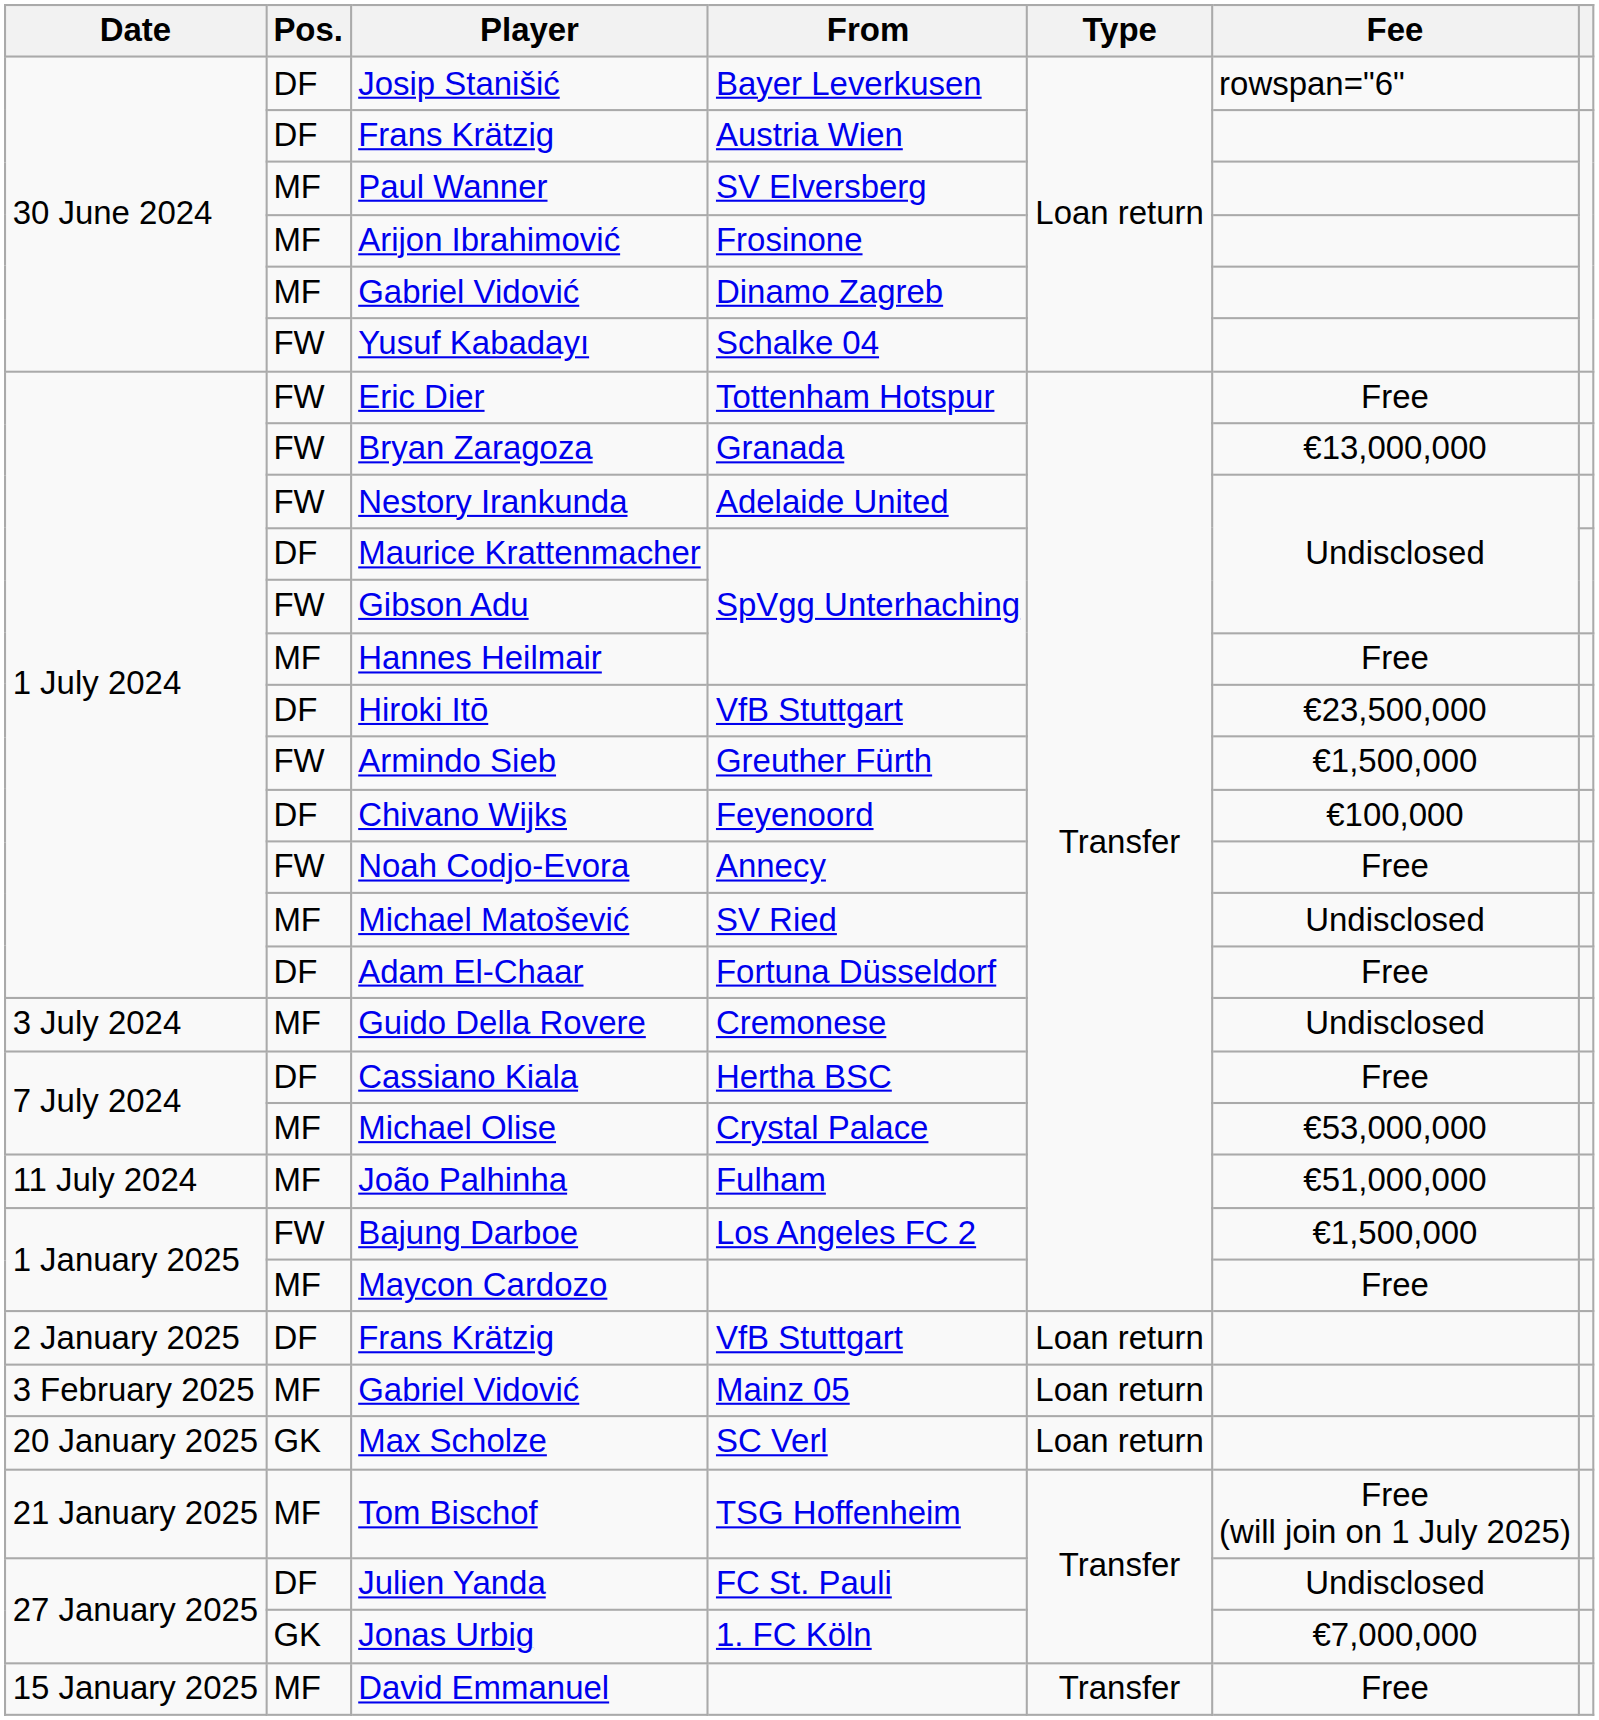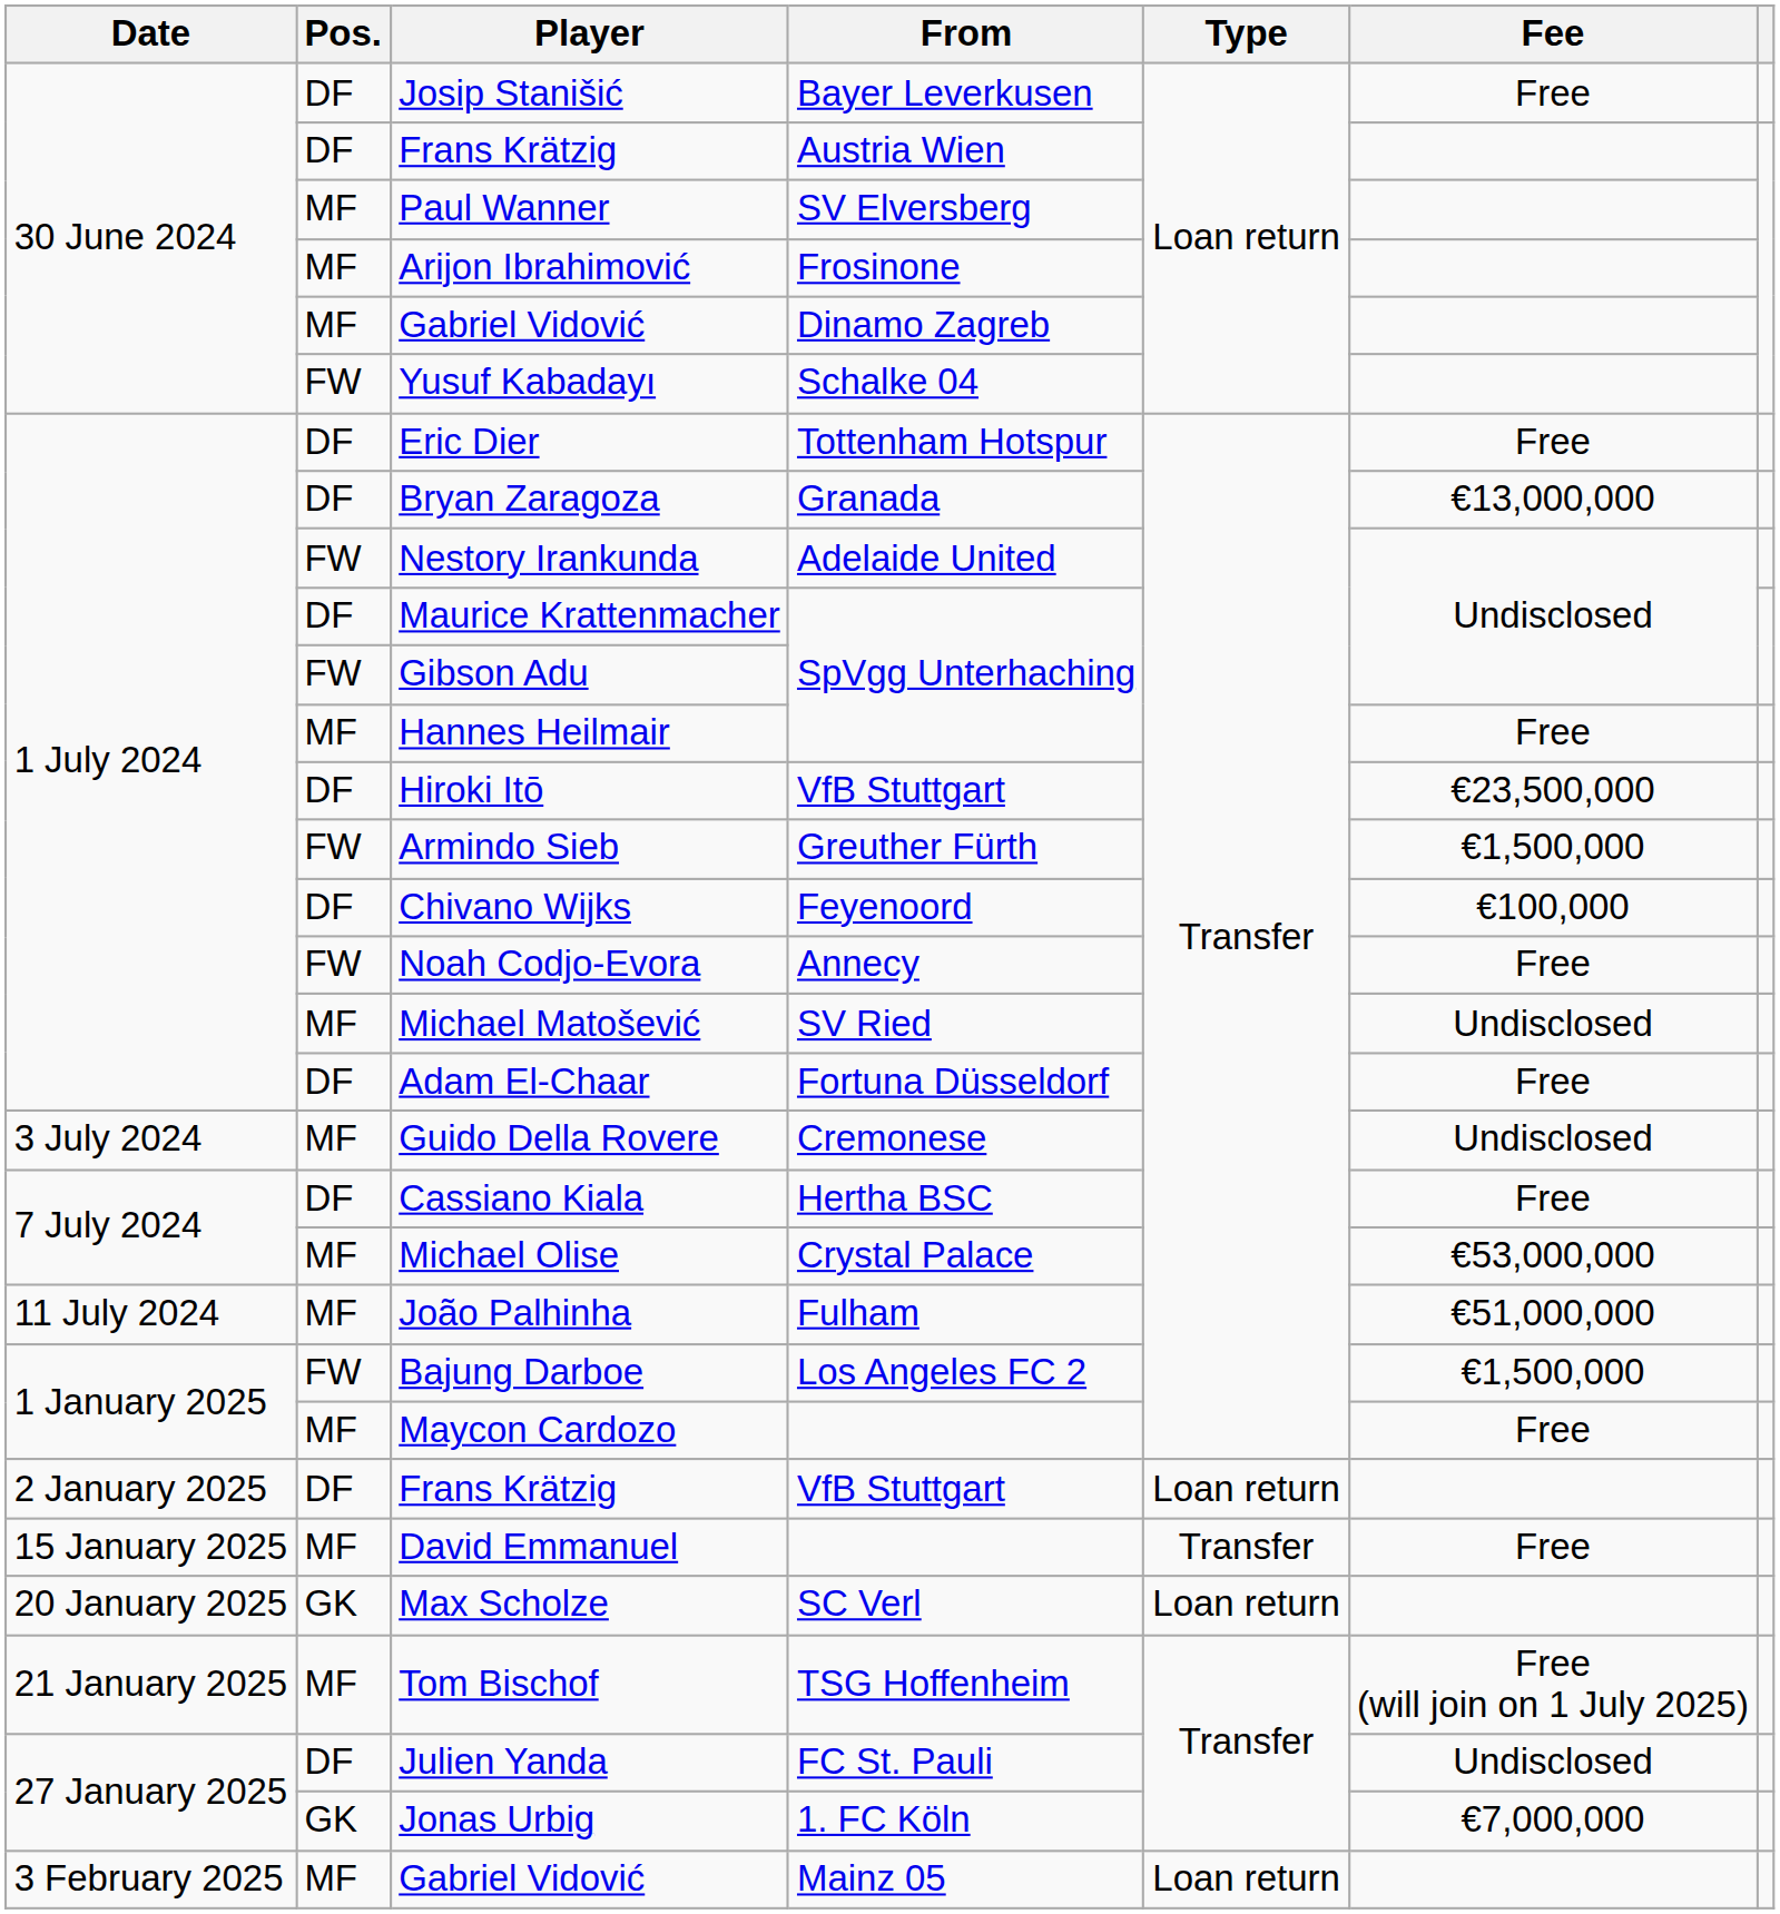 <table class="wikitable">
 <tr>
 <th>Date</th>
 <th>Pos.</th>
 <th>Player</th>
 <th>From</th>
 <th>Type</th>
 <th>Fee</th>
 <th></th>
 </tr>
 <tr>
 <td rowspan="6">30 June 2024</td>
 <td>DF</td>
 <td> <a href='#'>Josip Stanišić</a></td>
 <td> <a href='#'>Bayer Leverkusen</a></td>
 <td style="text-align: center;" rowspan="6">Loan return</td>
-<td>rowspan="6" </td>
+<td style="text-align: center;">Free</td>
 <td></td>
 </tr>
 <tr>
 <td>DF</td>
 <td> <a href='#'>Frans Krätzig</a></td>
 <td> <a href='#'>Austria Wien</a></td>
 <td></td>
 </tr>
 <tr>
 <td>MF</td>
 <td> <a href='#'>Paul Wanner</a></td>
 <td> <a href='#'>SV Elversberg</a></td>
 <td></td>
 </tr>
 <tr>
 <td>MF</td>
 <td> <a href='#'>Arijon Ibrahimović</a></td>
 <td> <a href='#'>Frosinone</a></td>
 <td></td>
 </tr>
 <tr>
 <td>MF</td>
 <td> <a href='#'>Gabriel Vidović</a></td>
 <td> <a href='#'>Dinamo Zagreb</a></td>
 <td></td>
 </tr>
 <tr>
 <td>FW</td>
 <td> <a href='#'>Yusuf Kabadayı</a></td>
 <td> <a href='#'>Schalke 04</a></td>
 <td></td>
 </tr>
 <tr>
 <td rowspan="12">1 July 2024</td>
-<td>FW</td>
+<td>DF</td>
 <td> <a href='#'>Eric Dier</a></td>
 <td> <a href='#'>Tottenham Hotspur</a></td>
 <td style="text-align: center;" rowspan="18">Transfer</td>
 <td style="text-align: center;">Free</td>
 <td></td>
 </tr>
 <tr>
-<td>FW</td>
+<td>DF</td>
 <td> <a href='#'>Bryan Zaragoza</a></td>
 <td> <a href='#'>Granada</a></td>
 <td style="text-align: center;">€13,000,000</td>
 <td></td>
 </tr>
 <tr>
 <td>FW</td>
 <td> <a href='#'>Nestory Irankunda</a></td>
 <td> <a href='#'>Adelaide United</a></td>
 <td style="text-align: center;" rowspan="3">Undisclosed</td>
 <td></td>
 </tr>
 <tr>
 <td>DF</td>
 <td> <a href='#'>Maurice Krattenmacher</a></td>
 <td rowspan="3"> <a href='#'>SpVgg Unterhaching</a></td>
 <td rowspan="2"></td>
 </tr>
 <tr>
 <td>FW</td>
 <td> <a href='#'>Gibson Adu</a></td>
 </tr>
 <tr>
 <td>MF</td>
 <td> <a href='#'>Hannes Heilmair</a></td>
 <td style="text-align: center;">Free</td>
 <td></td>
 </tr>
 <tr>
 <td>DF</td>
 <td> <a href='#'>Hiroki Itō</a></td>
 <td> <a href='#'>VfB Stuttgart</a></td>
 <td style="text-align: center;">€23,500,000</td>
 <td></td>
 </tr>
 <tr>
 <td>FW</td>
 <td> <a href='#'>Armindo Sieb</a></td>
 <td> <a href='#'>Greuther Fürth</a></td>
 <td style="text-align: center;">€1,500,000</td>
 <td></td>
 </tr>
 <tr>
 <td>DF</td>
 <td> <a href='#'>Chivano Wijks</a></td>
 <td> <a href='#'>Feyenoord</a></td>
 <td style="text-align: center;">€100,000</td>
 <td></td>
 </tr>
 <tr>
 <td>FW</td>
 <td> <a href='#'>Noah Codjo-Evora</a></td>
 <td> <a href='#'>Annecy</a></td>
 <td style="text-align: center;">Free</td>
 <td></td>
 </tr>
 <tr>
 <td>MF</td>
 <td> <a href='#'>Michael Matošević</a></td>
 <td> <a href='#'>SV Ried</a></td>
 <td style="text-align: center;">Undisclosed</td>
 <td></td>
 </tr>
 <tr>
 <td>DF</td>
 <td> <a href='#'>Adam El-Chaar</a></td>
 <td> <a href='#'>Fortuna Düsseldorf</a></td>
 <td style="text-align: center;">Free</td>
 <td></td>
 </tr>
 <tr>
 <td>3 July 2024</td>
 <td>MF</td>
 <td> <a href='#'>Guido Della Rovere</a></td>
 <td> <a href='#'>Cremonese</a></td>
 <td style="text-align: center;">Undisclosed</td>
 <td></td>
 </tr>
 <tr>
 <td rowspan="2">7 July 2024</td>
 <td>DF</td>
 <td> <a href='#'>Cassiano Kiala</a></td>
 <td> <a href='#'>Hertha BSC</a></td>
 <td style="text-align: center;">Free</td>
 <td></td>
 </tr>
 <tr>
 <td>MF</td>
 <td> <a href='#'>Michael Olise</a></td>
 <td> <a href='#'>Crystal Palace</a></td>
 <td style="text-align: center;">€53,000,000</td>
 <td></td>
 </tr>
 <tr>
 <td>11 July 2024</td>
 <td>MF</td>
 <td> <a href='#'>João Palhinha</a></td>
 <td> <a href='#'>Fulham</a></td>
 <td style="text-align: center;">€51,000,000</td>
 <td></td>
 </tr>
 <tr>
 <td rowspan="2">1 January 2025</td>
 <td>FW</td>
 <td> <a href='#'>Bajung Darboe</a></td>
 <td> <a href='#'>Los Angeles FC 2</a></td>
 <td style="text-align: center;">€1,500,000</td>
 <td></td>
 </tr>
 <tr>
 <td>MF</td>
 <td> <a href='#'>Maycon Cardozo</a></td>
 <td></td>
 <td style="text-align: center;">Free</td>
 <td></td>
 </tr>
 <tr>
 <td>2 January 2025</td>
 <td>DF</td>
 <td> <a href='#'>Frans Krätzig</a></td>
 <td> <a href='#'>VfB Stuttgart</a></td>
 <td style="text-align: center;">Loan return</td>
 <td></td>
 <td></td>
 </tr>
 <tr>
-<td>3 February 2025</td>
+<td>15 January 2025</td>
 <td>MF</td>
-<td> <a href='#'>Gabriel Vidović</a></td>
-<td> <a href='#'>Mainz 05</a></td>
-<td style="text-align: center;">Loan return</td>
+<td> <a href='#'>David Emmanuel</a></td>
 <td></td>
+<td style="text-align: center;">Transfer</td>
+<td style="text-align: center;">Free</td>
 <td></td>
 </tr>
 <tr>
 <td>20 January 2025</td>
 <td>GK</td>
 <td> <a href='#'>Max Scholze</a></td>
 <td> <a href='#'>SC Verl</a></td>
 <td style="text-align: center;">Loan return</td>
 <td></td>
 <td></td>
 </tr>
 <tr>
 <td>21 January 2025</td>
 <td>MF</td>
 <td> <a href='#'>Tom Bischof</a></td>
 <td> <a href='#'>TSG Hoffenheim</a></td>
 <td rowspan="3" style="text-align: center;">Transfer</td>
 <td style="text-align: center;">Free<br>(will join on 1 July 2025)</td>
 <td></td>
 </tr>
 <tr>
 <td rowspan="2">27 January 2025</td>
 <td>DF</td>
 <td> <a href='#'>Julien Yanda</a></td>
 <td> <a href='#'>FC St. Pauli</a></td>
 <td style="text-align: center;">Undisclosed</td>
 <td></td>
 </tr>
 <tr>
 <td>GK</td>
 <td> <a href='#'>Jonas Urbig</a></td>
 <td> <a href='#'>1. FC Köln</a></td>
 <td style="text-align: center;">€7,000,000</td>
 <td></td>
 </tr>
 <tr>
-<td>15 January 2025</td>
+<td>3 February 2025</td>
 <td>MF</td>
-<td> <a href='#'>David Emmanuel</a></td>
+<td> <a href='#'>Gabriel Vidović</a></td>
+<td> <a href='#'>Mainz 05</a></td>
+<td style="text-align: center;">Loan return</td>
 <td></td>
-<td style="text-align: center;">Transfer</td>
-<td style="text-align: center;">Free</td>
 <td></td>
 </tr>
 </table>
